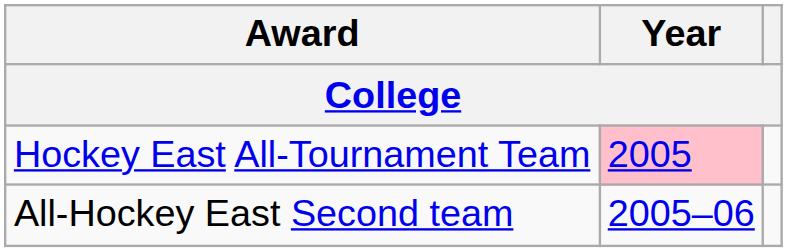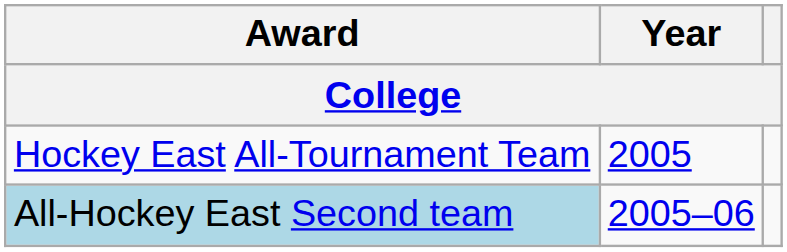 <table class="wikitable">
 <tr>
 <th>Award</th>
 <th>Year</th>
 <th></th>
 </tr>
 <tr>
 <th colspan="3"><a href='#'>College</a></th>
 </tr>
 <tr>
 <td><a href='#'>Hockey East</a> <a href='#'>All-Tournament Team</a></td>
-<td style="background: pink;"><a href='#'>2005</a></td>
+<td><a href='#'>2005</a></td>
 <td></td>
 </tr>
 <tr>
-<td>All-Hockey East <a href='#'>Second team</a></td>
+<td style="background: lightblue;">All-Hockey East <a href='#'>Second team</a></td>
 <td><a href='#'>2005–06</a></td>
 <td></td>
 </tr>
 </table>
